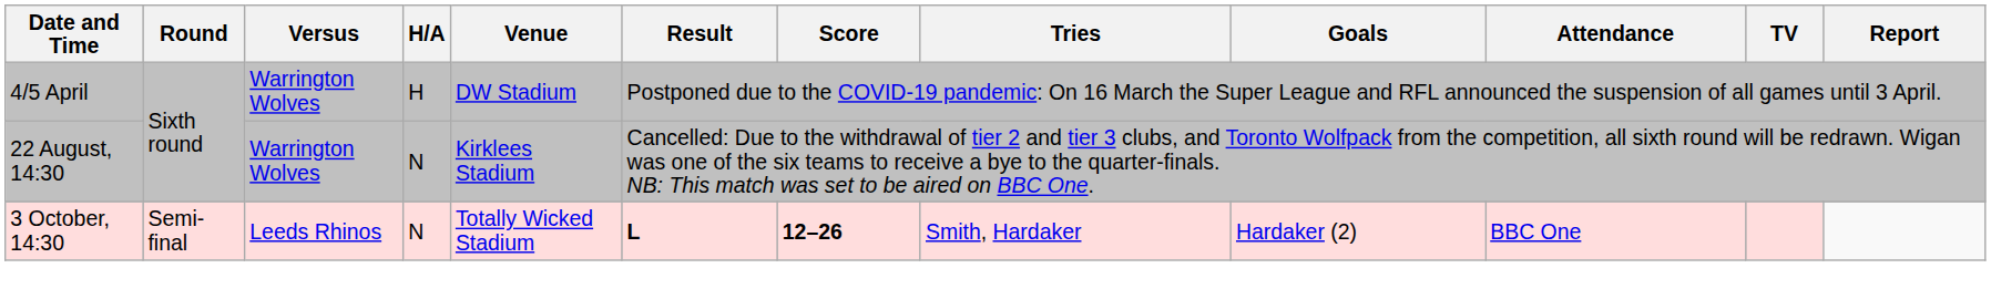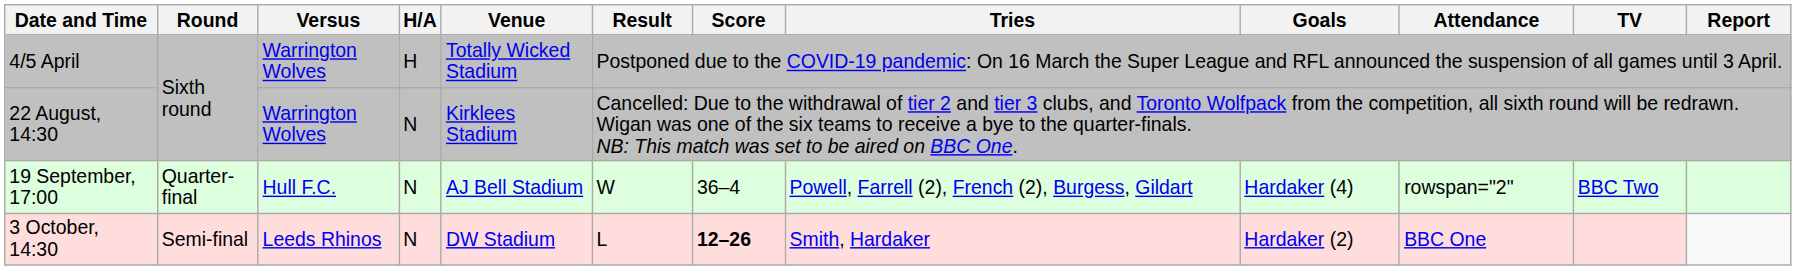 <table class="wikitable" style="font-size:85%;">
 <tr>
 <th>Date and Time</th>
 <th>Round</th>
 <th>Versus</th>
 <th>H/A</th>
 <th>Venue</th>
 <th>Result</th>
 <th>Score</th>
 <th>Tries</th>
 <th>Goals</th>
 <th>Attendance</th>
 <th>TV</th>
 <th>Report</th>
 </tr>
 <tr style="background:#c0c0c0;">
 <td>4/5 April</td>
 <td rowspan="2">Sixth round</td>
 <td><a href='#'>Warrington Wolves</a></td>
 <td>H</td>
-<td><a href='#'>DW Stadium</a></td>
+<td><a href='#'>Totally Wicked Stadium</a></td>
 <td colspan="7">Postponed due to the <a href='#'>COVID-19 pandemic</a>: On 16 March the Super League and RFL announced the suspension of all games until 3 April.</td>
 </tr>
 <tr style="background:#c0c0c0;">
 <td>22 August, 14:30</td>
 <td> <a href='#'>Warrington Wolves</a></td>
 <td>N</td>
 <td><a href='#'>Kirklees Stadium</a></td>
 <td colspan="7">Cancelled: Due to the withdrawal of <a href='#'>tier 2</a> and <a href='#'>tier 3</a> clubs, and <a href='#'>Toronto Wolfpack</a> from the competition, all sixth round will be redrawn. Wigan was one of the six teams to receive a bye to the quarter-finals.<br><em>NB: This match was set to be aired on <a href='#'>BBC One</a></em>.</td>
 </tr>
+<tr style="background:#ddffdd;">
+<td>19 September, 17:00</td>
+<td>Quarter-final</td>
+<td> <a href='#'>Hull F.C.</a></td>
+<td>N</td>
+<td><a href='#'>AJ Bell Stadium</a></td>
+<td>W</td>
+<td>36–4</td>
+<td><a href='#'>Powell</a>, <a href='#'>Farrell</a> (2), <a href='#'>French</a> (2), <a href='#'>Burgess</a>, <a href='#'>Gildart</a></td>
+<td><a href='#'>Hardaker</a> (4)</td>
+<td>rowspan="2"</td>
+<td><a href='#'>BBC Two</a></td>
+<td></td>
+</tr>
 <tr style="background:#ffdddd;">
 <td>3 October, 14:30</td>
 <td>Semi-final</td>
 <td> <a href='#'>Leeds Rhinos</a></td>
 <td>N</td>
-<td><a href='#'>Totally Wicked Stadium</a></td>
-<td><strong>L</strong></td>
+<td><a href='#'>DW Stadium</a></td>
+<td>L</td>
 <td><strong>12–26</strong></td>
 <td><a href='#'>Smith</a>, <a href='#'>Hardaker</a></td>
 <td><a href='#'>Hardaker</a> (2)</td>
 <td><a href='#'>BBC One</a></td>
 <td></td>
 </tr>
 </table>
